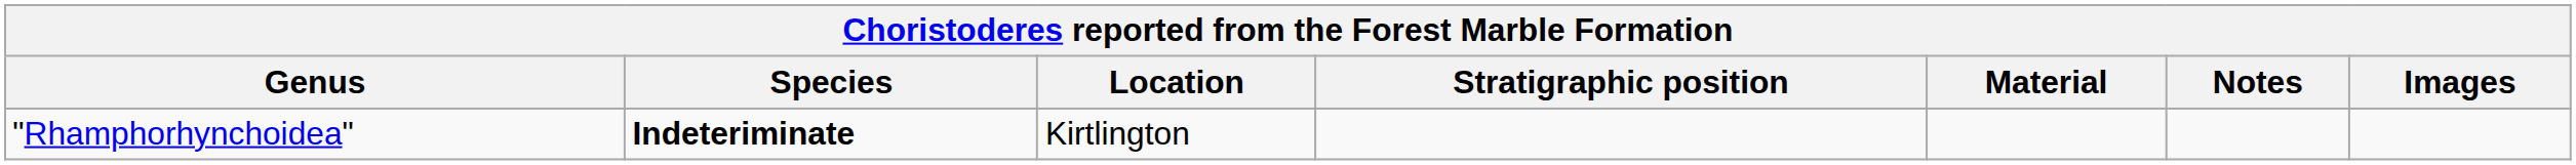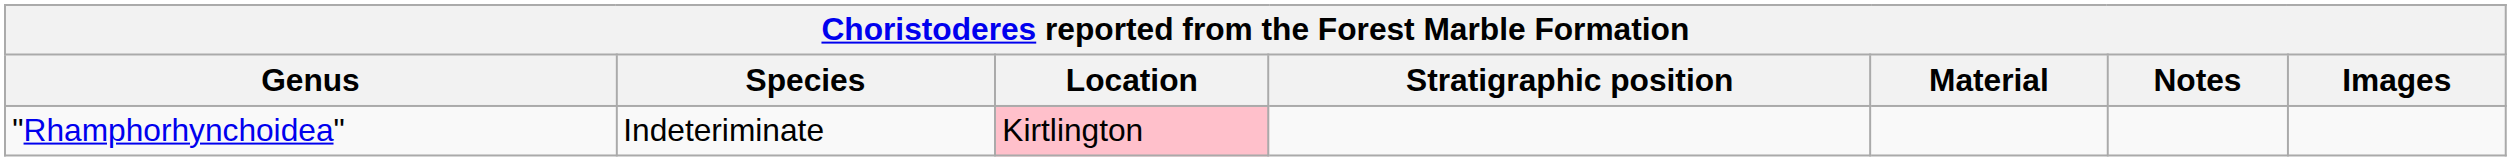 <table class="wikitable" align="center" width="100%">
 <tr>
 <th colspan="7" align="center"><strong><a href='#'>Choristoderes</a> reported from the Forest Marble Formation</strong></th>
 </tr>
 <tr>
 <th>Genus</th>
 <th>Species</th>
 <th>Location</th>
 <th>Stratigraphic position</th>
 <th>Material</th>
 <th>Notes</th>
 <th>Images</th>
 </tr>
 <tr>
 <td>"<a href='#'>Rhamphorhynchoidea</a>"</td>
-<td><strong>Indeteriminate</strong></td>
-<td>Kirtlington</td>
+<td>Indeteriminate</td>
+<td style="background: pink;">Kirtlington</td>
 <td></td>
 <td></td>
 <td></td>
 <td></td>
 </tr>
 </table>
